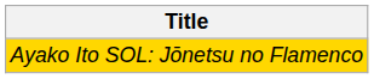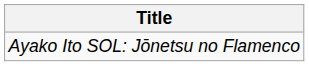 <table class="wikitable">
 <tr>
 <th>Title</th>
 </tr>
 <tr>
-<td style="background: gold;"><em>Ayako Ito SOL: Jōnetsu no Flamenco</em></td>
+<td><em>Ayako Ito SOL: Jōnetsu no Flamenco</em></td>
 </tr>
 </table>
